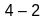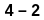 <table style="text-align:center">
 <tr>
 <th width=200></th>
 <th width=100></th>
 <th width=200></th>
 </tr>
 <tr>
 <td align=right><strong></strong></td>
-<td>4 – 2</td>
+<td><strong>4 – 2</strong></td>
 <td align=left></td>
 </tr>
 </table>
